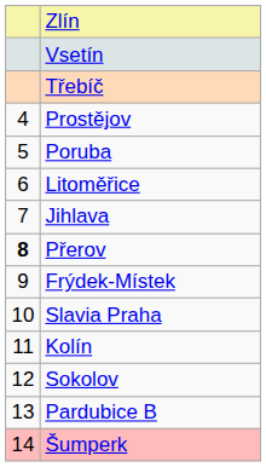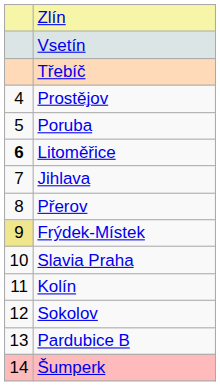 <table class="wikitable" style="width:200px;">
 <tr style="background:#F7F6A8;">
 <td align=center style="width:20px;"></td>
 <td><a href='#'>Zlín</a></td>
 </tr>
 <tr style="background:#DCE5E5;">
 <td align=center></td>
 <td><a href='#'>Vsetín</a></td>
 </tr>
 <tr style="background:#FFDAB9;">
 <td align=center></td>
 <td><a href='#'>Třebíč</a></td>
 </tr>
 <tr>
 <td align=center>4</td>
 <td><a href='#'>Prostějov</a></td>
 </tr>
 <tr>
 <td align=center>5</td>
 <td><a href='#'>Poruba</a></td>
 </tr>
 <tr>
-<td align=center>6</td>
+<td align=center><strong>6</strong></td>
 <td><a href='#'>Litoměřice</a></td>
 </tr>
 <tr>
 <td align=center>7</td>
 <td><a href='#'>Jihlava</a></td>
 </tr>
 <tr>
-<td align=center><strong>8</strong></td>
+<td align=center>8</td>
 <td><a href='#'>Přerov</a></td>
 </tr>
 <tr>
-<td align=center>9</td>
+<td align=center style="background: khaki;">9</td>
 <td><a href='#'>Frýdek-Místek</a></td>
 </tr>
 <tr>
 <td align=center>10</td>
 <td><a href='#'>Slavia Praha</a></td>
 </tr>
 <tr>
 <td align=center>11</td>
 <td><a href='#'>Kolín</a></td>
 </tr>
 <tr>
 <td align=center>12</td>
 <td><a href='#'>Sokolov</a></td>
 </tr>
 <tr>
 <td align=center>13</td>
 <td><a href='#'>Pardubice B</a></td>
 </tr>
 <tr style="background:#ffbbbb;">
 <td align=center>14</td>
 <td><a href='#'>Šumperk</a></td>
 </tr>
 </table>
